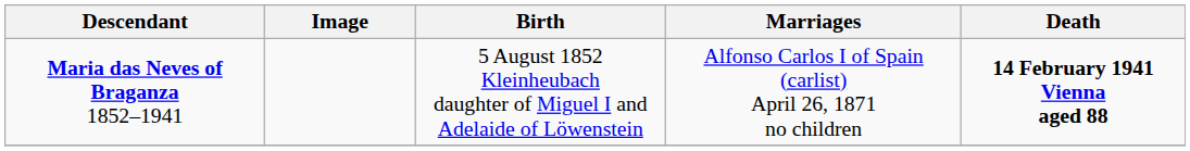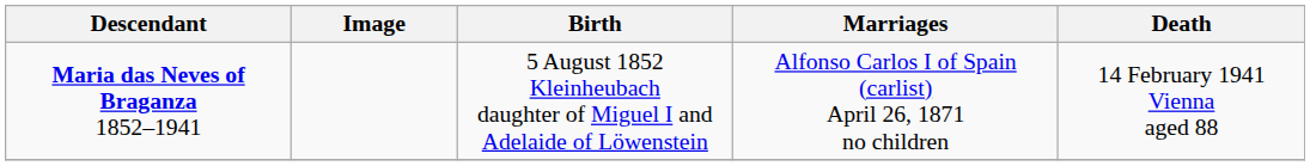 <table style="text-align:center; width:100%" class="wikitable">
 <tr>
 <th width=22%>Descendant</th>
 <th width=105px>Image</th>
 <th>Birth</th>
 <th width=25%>Marriages</th>
 <th width=19%>Death</th>
 </tr>
 <tr>
 <td><strong><a href='#'>Maria das Neves of Braganza</a></strong><br>1852–1941</td>
 <td></td>
 <td>5 August 1852 <br><a href='#'>Kleinheubach</a><br>daughter of <a href='#'>Miguel I</a> and <a href='#'>Adelaide of Löwenstein</a></td>
 <td><a href='#'>Alfonso Carlos I of Spain (carlist)</a><br>April 26, 1871<br>no children</td>
-<td><strong>14 February 1941<br><a href='#'>Vienna</a><br>aged 88</strong></td>
+<td>14 February 1941<br><a href='#'>Vienna</a><br>aged 88</td>
 </tr>
 <tr>
 </tr>
 </table>
